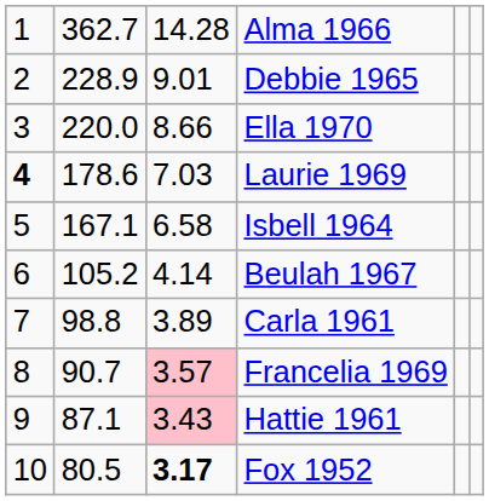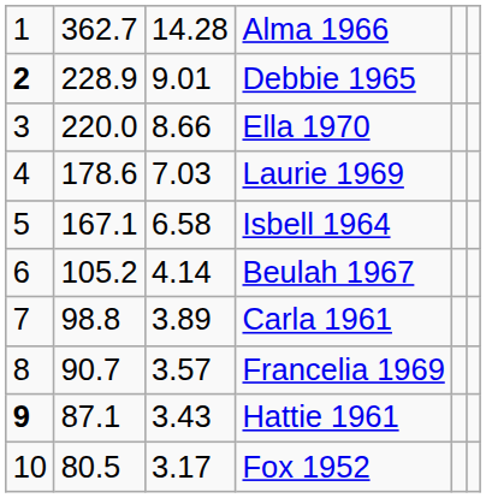 <table class="wikitable">
 <tr>
 <td>1</td>
 <td>362.7</td>
 <td>14.28</td>
 <td><a href='#'>Alma 1966</a></td>
 <td></td>
 <td></td>
 </tr>
 <tr>
-<td>2</td>
+<td><strong>2</strong></td>
 <td>228.9</td>
 <td>9.01</td>
 <td><a href='#'>Debbie 1965</a></td>
 <td></td>
 <td></td>
 </tr>
 <tr>
 <td>3</td>
 <td>220.0</td>
 <td>8.66</td>
 <td><a href='#'>Ella 1970</a></td>
 <td></td>
 <td></td>
 </tr>
 <tr>
-<td><strong>4</strong></td>
+<td>4</td>
 <td>178.6</td>
 <td>7.03</td>
 <td><a href='#'>Laurie 1969</a></td>
 <td></td>
 <td></td>
 </tr>
 <tr>
 <td>5</td>
 <td>167.1</td>
 <td>6.58</td>
 <td><a href='#'>Isbell 1964</a></td>
 <td></td>
 <td></td>
 </tr>
 <tr>
 <td>6</td>
 <td>105.2</td>
 <td>4.14</td>
 <td><a href='#'>Beulah 1967</a></td>
 <td></td>
 <td></td>
 </tr>
 <tr>
 <td>7</td>
 <td>98.8</td>
 <td>3.89</td>
 <td><a href='#'>Carla 1961</a></td>
 <td></td>
 <td></td>
 </tr>
 <tr>
 <td>8</td>
 <td>90.7</td>
-<td style="background: pink;">3.57</td>
+<td>3.57</td>
 <td><a href='#'>Francelia 1969</a></td>
 <td></td>
 <td></td>
 </tr>
 <tr>
-<td>9</td>
+<td><strong>9</strong></td>
 <td>87.1</td>
-<td style="background: pink;">3.43</td>
+<td>3.43</td>
 <td><a href='#'>Hattie 1961</a></td>
 <td></td>
 <td></td>
 </tr>
 <tr>
 <td>10</td>
 <td>80.5</td>
-<td><strong>3.17</strong></td>
+<td>3.17</td>
 <td><a href='#'>Fox 1952</a></td>
 <td></td>
 <td></td>
 </tr>
 </table>
